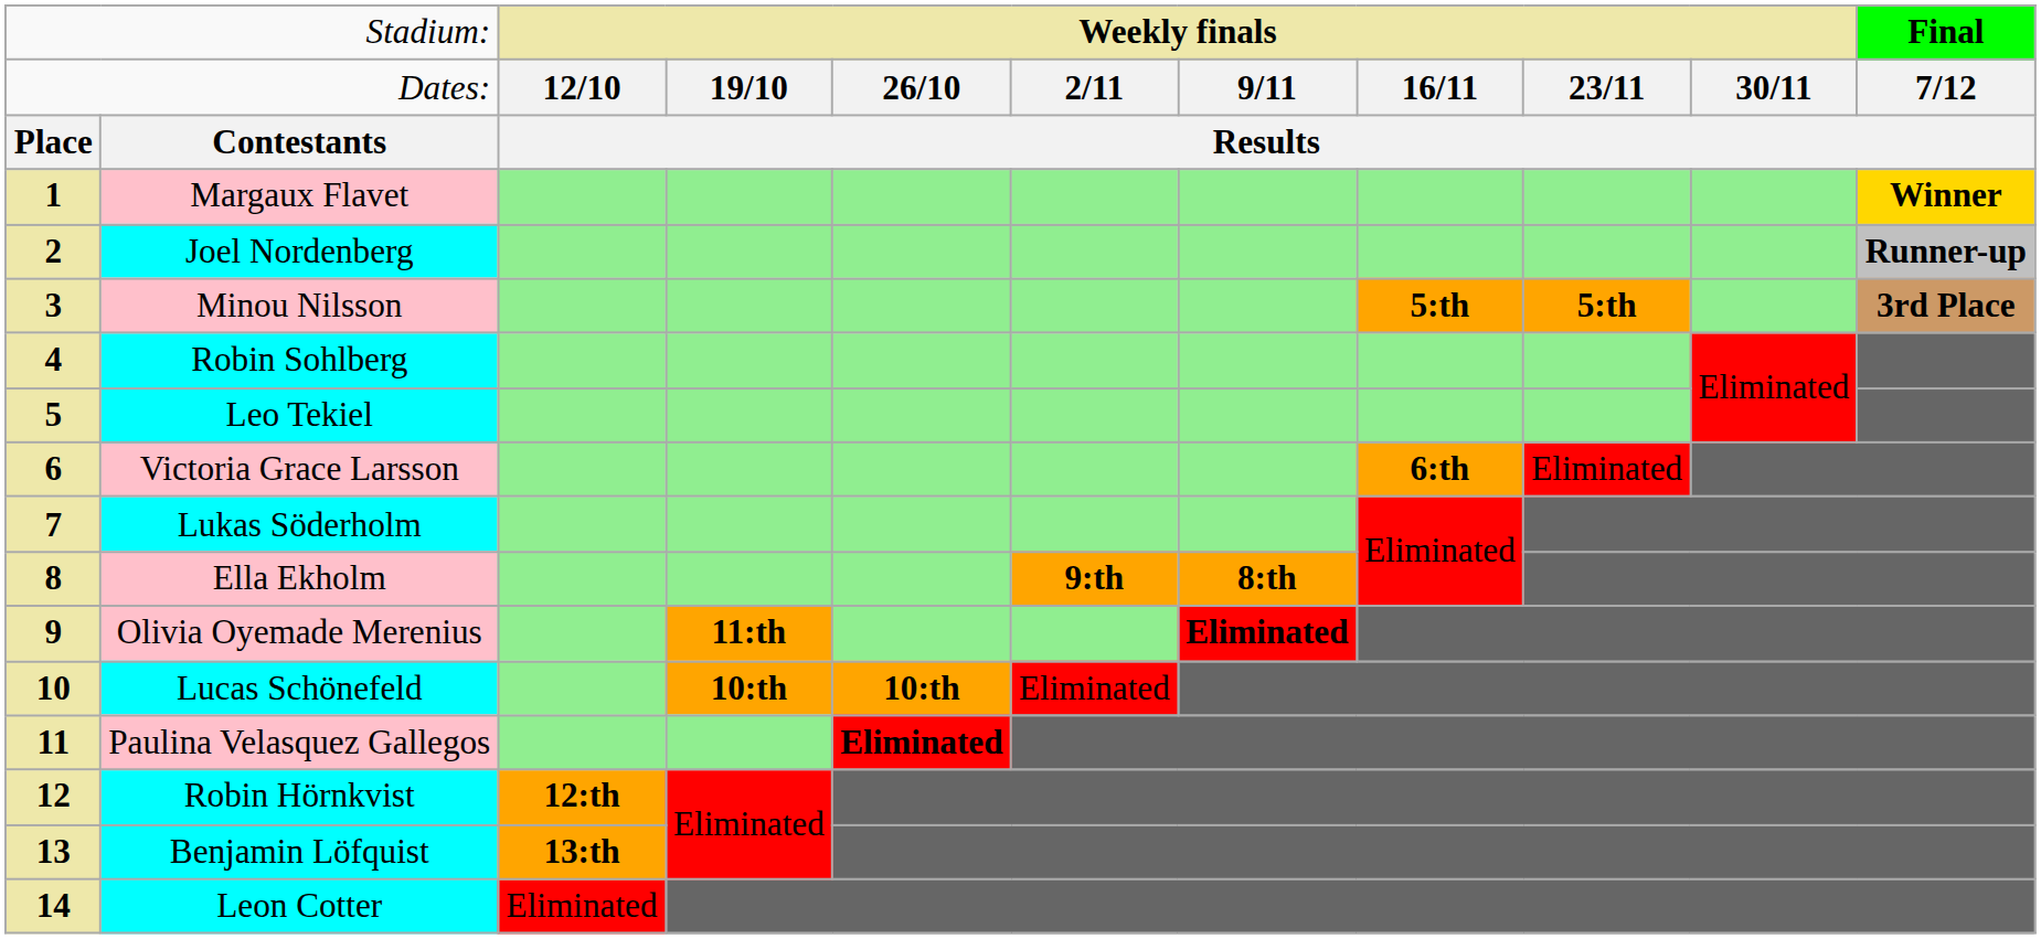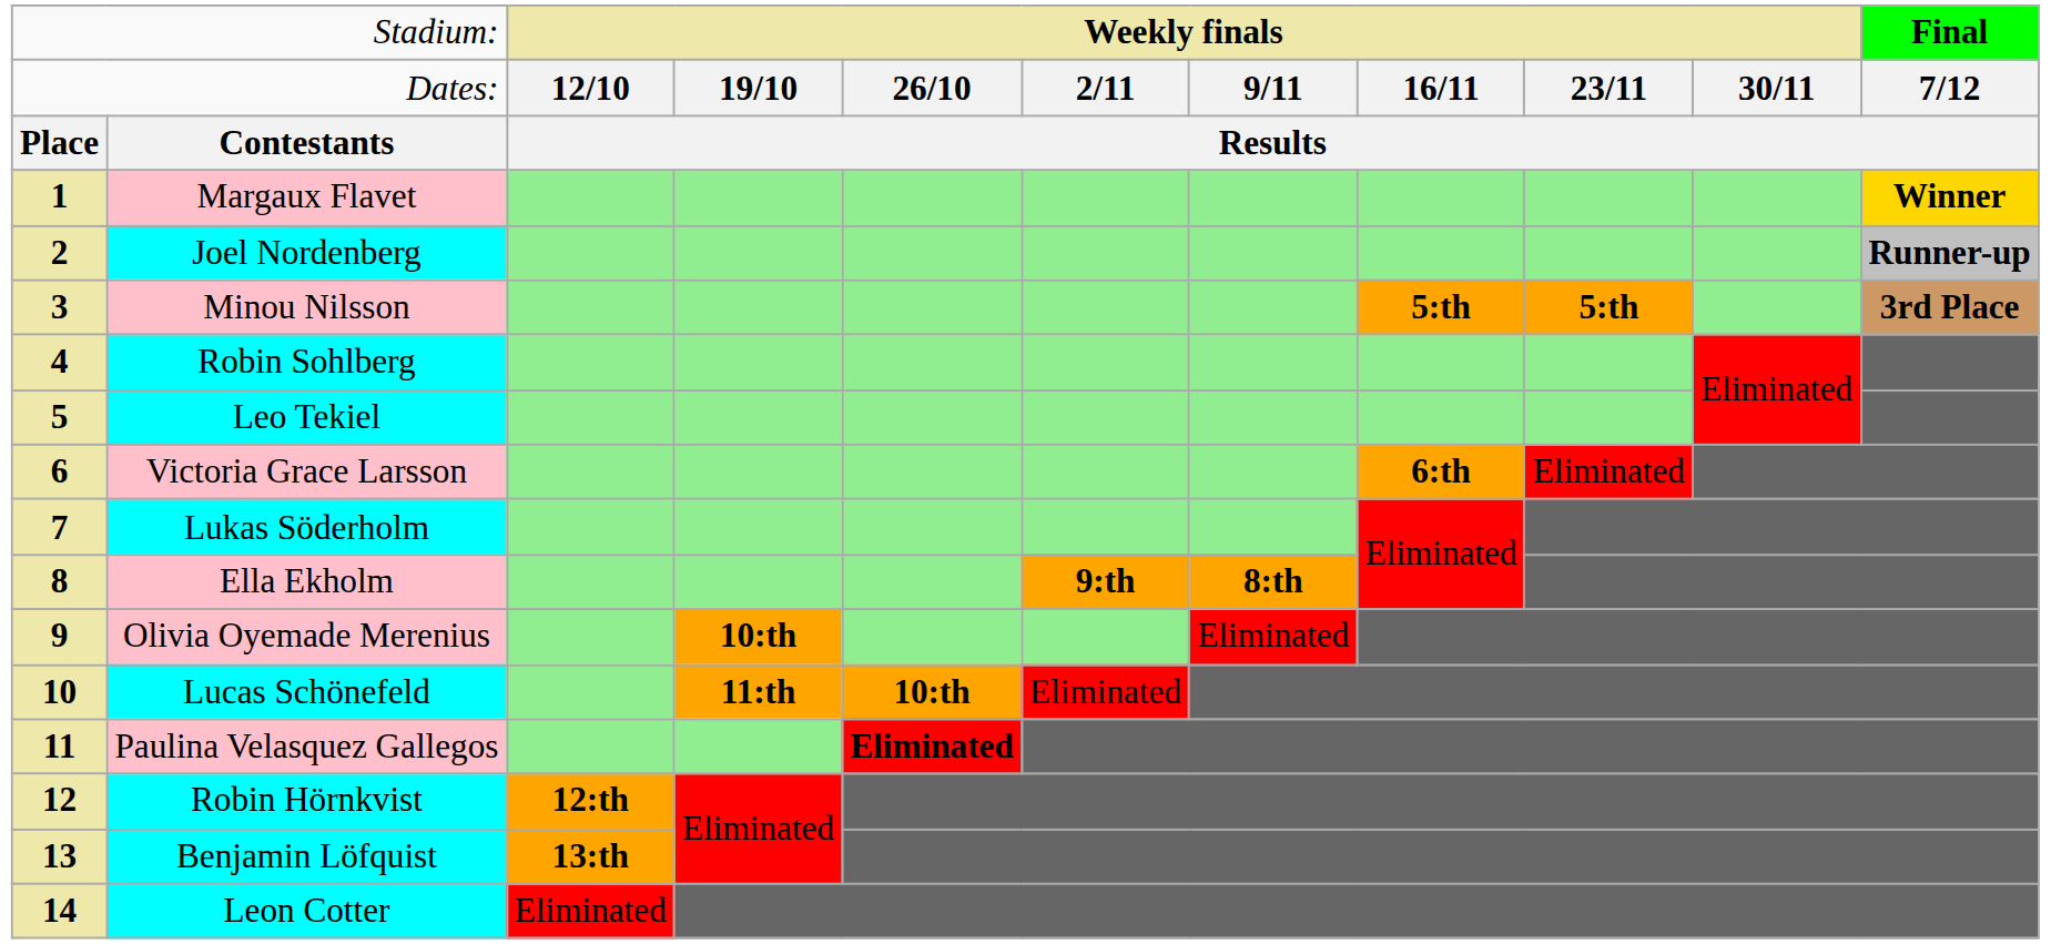 <table class="wikitable" style="text-align:center;margin:1em auto;">
 <tr>
 <td colspan="2" align="right"><em>Stadium:</em></td>
 <td colspan="8" bgcolor="palegoldenrod" align="Center"><strong>Weekly finals</strong></td>
 <td style="background: Lime" align="Center"><strong>Final</strong></td>
 </tr>
 <tr>
 <td colspan="2" align="right"><em>Dates:</em></td>
 <th>12/10</th>
 <th>19/10</th>
 <th>26/10</th>
 <th>2/11</th>
 <th>9/11</th>
 <th>16/11</th>
 <th>23/11</th>
 <th>30/11</th>
 <th>7/12</th>
 </tr>
 <tr>
 <th>Place</th>
 <th>Contestants</th>
 <th colspan="16" align="center">Results</th>
 </tr>
 <tr>
 <td bgcolor="palegoldenrod" align="center"><strong>1</strong></td>
 <td bgcolor="pink">Margaux Flavet</td>
 <td bgcolor="lightgreen"></td>
 <td bgcolor="lightgreen"></td>
 <td bgcolor="lightgreen"></td>
 <td bgcolor="lightgreen"></td>
 <td bgcolor="lightgreen"></td>
 <td bgcolor="lightgreen"></td>
 <td bgcolor="lightgreen"></td>
 <td bgcolor="lightgreen"></td>
 <td style="background:gold;"><strong>Winner</strong></td>
 </tr>
 <tr>
 <td bgcolor="palegoldenrod" align="center"><strong>2</strong></td>
 <td bgcolor="cyan">Joel Nordenberg</td>
 <td bgcolor="lightgreen"></td>
 <td bgcolor="lightgreen"></td>
 <td bgcolor="lightgreen"></td>
 <td bgcolor="lightgreen"></td>
 <td bgcolor="lightgreen"></td>
 <td bgcolor="lightgreen"></td>
 <td bgcolor="lightgreen"></td>
 <td bgcolor="lightgreen"></td>
 <td style="background:silver;"><strong>Runner-up</strong></td>
 </tr>
 <tr>
 <td bgcolor="palegoldenrod" align="center"><strong>3</strong></td>
 <td bgcolor="pink">Minou Nilsson</td>
 <td bgcolor="lightgreen"></td>
 <td bgcolor="lightgreen"></td>
 <td bgcolor="lightgreen"></td>
 <td bgcolor="lightgreen"></td>
 <td bgcolor="lightgreen"></td>
 <td bgcolor="orange"><strong>5:th</strong></td>
 <td bgcolor="orange"><strong>5:th</strong></td>
 <td bgcolor="lightgreen"></td>
 <td style="background:#cc9966;"><strong>3rd Place</strong></td>
 </tr>
 <tr>
 <td bgcolor="palegoldenrod" align="center"><strong>4</strong></td>
 <td bgcolor="cyan">Robin Sohlberg</td>
 <td bgcolor="lightgreen"></td>
 <td bgcolor="lightgreen"></td>
 <td bgcolor="lightgreen"></td>
 <td bgcolor="lightgreen"></td>
 <td bgcolor="lightgreen"></td>
 <td bgcolor="lightgreen"></td>
 <td bgcolor="lightgreen"></td>
 <td style="background:red;" rowspan=2><span>Eliminated</span></td>
 <td bgcolor="666666"></td>
 </tr>
 <tr>
 <td bgcolor="palegoldenrod" align="center"><strong>5</strong></td>
 <td bgcolor="cyan">Leo Tekiel</td>
 <td bgcolor="lightgreen"></td>
 <td bgcolor="lightgreen"></td>
 <td bgcolor="lightgreen"></td>
 <td bgcolor="lightgreen"></td>
 <td bgcolor="lightgreen"></td>
 <td bgcolor="lightgreen"></td>
 <td bgcolor="lightgreen"></td>
 <td bgcolor="666666"></td>
 </tr>
 <tr>
 <td bgcolor="palegoldenrod" align="center"><strong>6</strong></td>
 <td bgcolor="pink">Victoria Grace Larsson</td>
 <td bgcolor="lightgreen"></td>
 <td bgcolor="lightgreen"></td>
 <td bgcolor="lightgreen"></td>
 <td bgcolor="lightgreen"></td>
 <td bgcolor="lightgreen"></td>
 <td bgcolor="orange"><strong>6:th</strong></td>
 <td style="background:red;"><span>Eliminated</span></td>
 <td colspan="2" bgcolor="666666"></td>
 </tr>
 <tr>
 <td bgcolor="palegoldenrod" align="center"><strong>7</strong></td>
 <td bgcolor="cyan">Lukas Söderholm</td>
 <td bgcolor="lightgreen"></td>
 <td bgcolor="lightgreen"></td>
 <td bgcolor="lightgreen"></td>
 <td bgcolor="lightgreen"></td>
 <td bgcolor="lightgreen"></td>
 <td style="background:red;" rowspan=2><span>Eliminated</span></td>
 <td colspan="3" bgcolor="666666"></td>
 </tr>
 <tr>
 <td bgcolor="palegoldenrod" align="center"><strong>8</strong></td>
 <td bgcolor="pink">Ella Ekholm</td>
 <td bgcolor="lightgreen"></td>
 <td bgcolor="lightgreen"></td>
 <td bgcolor="lightgreen"></td>
 <td bgcolor="orange"><strong>9:th</strong></td>
 <td bgcolor="orange"><strong>8:th</strong></td>
 <td colspan="3" bgcolor="666666"></td>
 </tr>
 <tr>
 <td bgcolor="palegoldenrod" align="center"><strong>9</strong></td>
 <td bgcolor="pink">Olivia Oyemade Merenius</td>
 <td bgcolor="lightgreen"></td>
-<td bgcolor="orange"><strong>11:th</strong></td>
+<td bgcolor="orange"><strong>10:th</strong></td>
 <td bgcolor="lightgreen"></td>
 <td bgcolor="lightgreen"></td>
-<td style="background:red;"><strong><span>Eliminated</span></strong></td>
+<td style="background:red;"><span>Eliminated</span></td>
 <td colspan="4" bgcolor="666666"></td>
 </tr>
 <tr>
 <td bgcolor="palegoldenrod" align="center"><strong>10</strong></td>
 <td bgcolor="cyan">Lucas Schönefeld</td>
 <td bgcolor="lightgreen"></td>
-<td bgcolor="orange"><strong>10:th</strong></td>
+<td bgcolor="orange"><strong>11:th</strong></td>
 <td bgcolor="orange"><strong>10:th</strong></td>
 <td style="background:red;"><span>Eliminated</span></td>
 <td colspan="5" bgcolor="666666"></td>
 </tr>
 <tr>
 <td bgcolor="palegoldenrod" align="center"><strong>11</strong></td>
 <td bgcolor="pink">Paulina Velasquez Gallegos</td>
 <td bgcolor="lightgreen"></td>
 <td bgcolor="lightgreen"></td>
 <td style="background:red;"><strong><span>Eliminated</span></strong></td>
 <td colspan="6" bgcolor="666666"></td>
 </tr>
 <tr>
 <td bgcolor="palegoldenrod" align="center"><strong>12</strong></td>
 <td bgcolor="cyan">Robin Hörnkvist</td>
 <td bgcolor="orange"><strong>12:th</strong></td>
 <td style="background:red;" rowspan=2><span>Eliminated</span></td>
 <td colspan="7" bgcolor="666666"></td>
 </tr>
 <tr>
 <td bgcolor="palegoldenrod" align="center"><strong>13</strong></td>
 <td bgcolor="cyan">Benjamin Löfquist</td>
 <td bgcolor="orange"><strong>13:th</strong></td>
 <td colspan="7" bgcolor="666666"></td>
 </tr>
 <tr>
 <td bgcolor="palegoldenrod" align="center"><strong>14</strong></td>
 <td bgcolor="cyan">Leon Cotter</td>
 <td style="background:red;"><span>Eliminated</span></td>
 <td colspan="8" bgcolor="666666"></td>
 </tr>
 </table>
